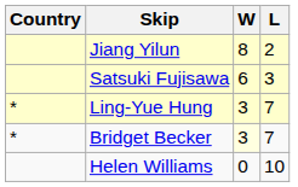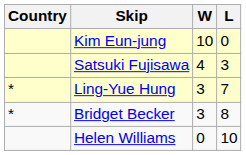 <table class=wikitable>
 <tr>
 <th>Country</th>
 <th>Skip</th>
 <th>W</th>
 <th>L</th>
 </tr>
 <tr style="background:#ffffcc;">
 <td></td>
-<td><a href='#'>Jiang Yilun</a></td>
-<td>8</td>
-<td>2</td>
+<td><a href='#'>Kim Eun-jung</a></td>
+<td>10</td>
+<td>0</td>
 </tr>
 <tr style="background:#ffffcc;">
 <td></td>
 <td><a href='#'>Satsuki Fujisawa</a></td>
-<td>6</td>
+<td>4</td>
 <td>3</td>
 </tr>
 <tr style="background:#ffffcc;">
 <td>*</td>
 <td><a href='#'>Ling-Yue Hung</a></td>
 <td>3</td>
 <td>7</td>
 </tr>
 <tr>
 <td>*</td>
 <td><a href='#'>Bridget Becker</a></td>
-<td style="background: lightyellow;">3</td>
-<td>7</td>
+<td>3</td>
+<td>8</td>
 </tr>
 <tr>
 <td></td>
 <td><a href='#'>Helen Williams</a></td>
 <td>0</td>
 <td>10</td>
 </tr>
 </table>
